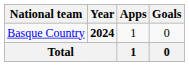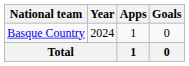 <table class=wikitable style=text-align:center>
 <tr>
 <th>National team</th>
 <th>Year</th>
 <th>Apps</th>
 <th>Goals</th>
 </tr>
 <tr>
 <td><a href='#'>Basque Country</a></td>
-<td><strong>2024</strong></td>
+<td>2024</td>
 <td>1</td>
 <td>0</td>
 </tr>
 <tr>
 <th colspan="2">Total</th>
 <th>1</th>
 <th>0</th>
 </tr>
 </table>
